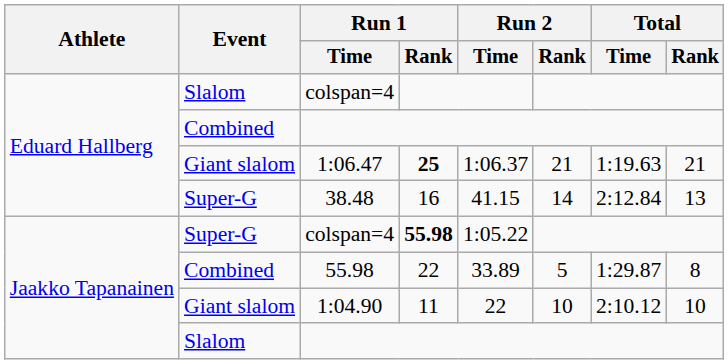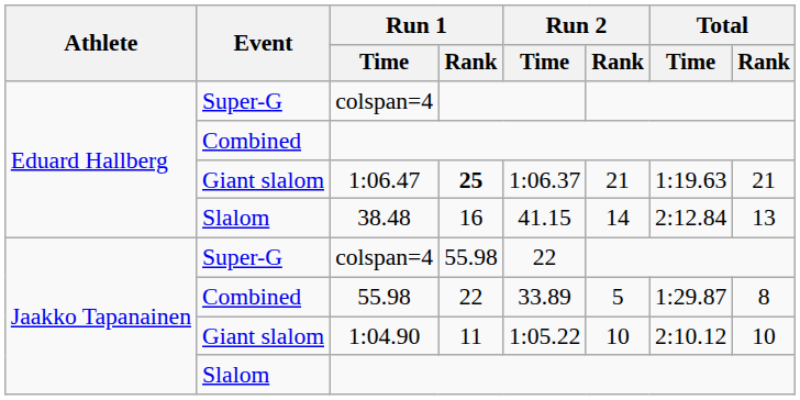 <table class="wikitable" style="font-size:90%">
 <tr>
 <th rowspan=2>Athlete</th>
 <th rowspan=2>Event</th>
 <th colspan=2>Run 1</th>
 <th colspan=2>Run 2</th>
 <th colspan=2>Total</th>
 </tr>
 <tr style="font-size:95%">
 <th>Time</th>
 <th>Rank</th>
 <th>Time</th>
 <th>Rank</th>
 <th>Time</th>
 <th>Rank</th>
 </tr>
 <tr align=center>
 <td align="left" rowspan="4"><a href='#'>Eduard Hallberg</a></td>
-<td align="left"><a href='#'>Slalom</a></td>
+<td align="left"><a href='#'>Super-G</a></td>
 <td>colspan=4</td>
 <td colspan=2></td>
 </tr>
 <tr align=center>
 <td align="left"><a href='#'>Combined</a></td>
 <td colspan=6></td>
 </tr>
 <tr align=center>
 <td align="left"><a href='#'>Giant slalom</a></td>
 <td>1:06.47</td>
 <td><strong>25</strong></td>
 <td>1:06.37</td>
 <td>21</td>
 <td>1:19.63</td>
 <td>21</td>
 </tr>
 <tr align=center>
-<td align="left"><a href='#'>Super-G</a></td>
+<td align="left"><a href='#'>Slalom</a></td>
 <td>38.48</td>
 <td>16</td>
 <td>41.15</td>
 <td>14</td>
 <td>2:12.84</td>
 <td>13</td>
 </tr>
 <tr align=center>
 <td align="left" rowspan="4"><a href='#'>Jaakko Tapanainen</a></td>
 <td align="left"><a href='#'>Super-G</a></td>
 <td>colspan=4</td>
-<td><strong>55.98</strong></td>
-<td>1:05.22</td>
+<td>55.98</td>
+<td>22</td>
 </tr>
 <tr align=center>
 <td align="left"><a href='#'>Combined</a></td>
 <td>55.98</td>
 <td>22</td>
 <td>33.89</td>
 <td>5</td>
 <td>1:29.87</td>
 <td>8</td>
 </tr>
 <tr align=center>
 <td align="left"><a href='#'>Giant slalom</a></td>
 <td>1:04.90</td>
 <td>11</td>
-<td>22</td>
+<td>1:05.22</td>
 <td>10</td>
 <td>2:10.12</td>
 <td>10</td>
 </tr>
 <tr align=center>
 <td align="left"><a href='#'>Slalom</a></td>
 <td colspan=6></td>
 </tr>
 </table>
